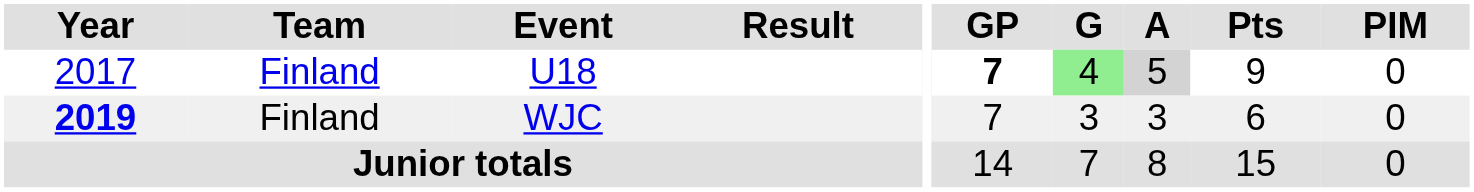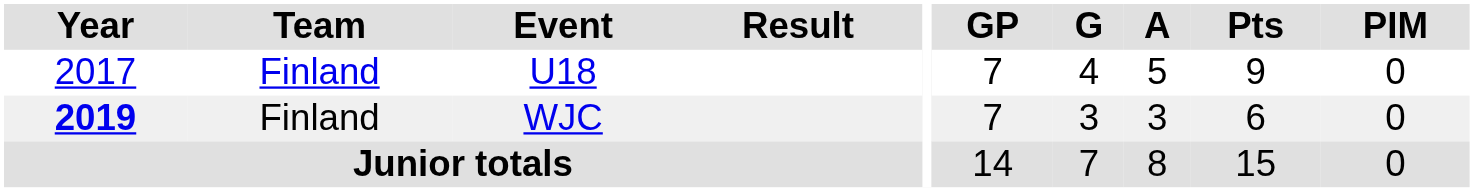 <table border="0" cellpadding="1" cellspacing="0" ID="Table3" style="text-align:center; width:40em;">
 <tr bgcolor="#e0e0e0">
 <th>Year</th>
 <th>Team</th>
 <th>Event</th>
 <th>Result</th>
 <th rowspan="99" bgcolor="#ffffff"></th>
 <th>GP</th>
 <th>G</th>
 <th>A</th>
 <th>Pts</th>
 <th>PIM</th>
 </tr>
 <tr>
 <td><a href='#'>2017</a></td>
 <td><a href='#'>Finland</a></td>
 <td><a href='#'>U18</a></td>
 <td></td>
-<td><strong>7</strong></td>
-<td style="background: lightgreen;">4</td>
-<td style="background: lightgrey;">5</td>
+<td>7</td>
+<td>4</td>
+<td>5</td>
 <td>9</td>
 <td>0</td>
 </tr>
 <tr bgcolor="#f0f0f0">
 <td><strong><a href='#'>2019</a></strong></td>
 <td>Finland</td>
 <td><a href='#'>WJC</a></td>
 <td></td>
 <td>7</td>
 <td>3</td>
 <td>3</td>
 <td>6</td>
 <td>0</td>
 </tr>
 <tr bgcolor="#e0e0e0">
 <th colspan="4">Junior totals</th>
 <td>14</td>
 <td>7</td>
 <td>8</td>
 <td>15</td>
 <td>0</td>
 </tr>
 </table>
